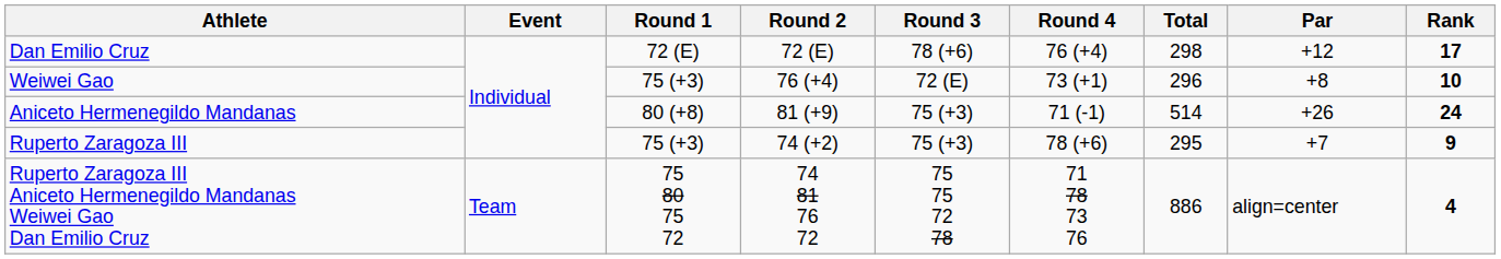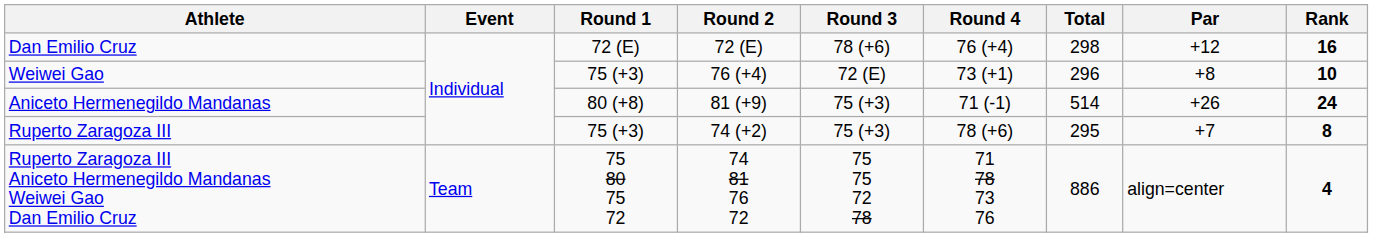 <table class="wikitable" width="70%" style="text-align:left; font-size:90%">
 <tr>
 <th>Athlete</th>
 <th>Event</th>
 <th>Round 1</th>
 <th>Round 2</th>
 <th>Round 3</th>
 <th>Round 4</th>
 <th>Total</th>
 <th>Par</th>
 <th>Rank</th>
 </tr>
 <tr>
 <td><a href='#'>Dan Emilio Cruz</a></td>
 <td rowspan=4><a href='#'>Individual</a></td>
 <td align=center>72 (E)</td>
 <td align=center>72 (E)</td>
 <td align=center>78 (+6)</td>
 <td align=center>76 (+4)</td>
 <td align=center>298</td>
 <td align=center>+12</td>
-<td align=center><strong>17</strong></td>
+<td align=center><strong>16</strong></td>
 </tr>
 <tr>
 <td><a href='#'>Weiwei Gao</a></td>
 <td align=center>75 (+3)</td>
 <td align=center>76 (+4)</td>
 <td align=center>72 (E)</td>
 <td align=center>73 (+1)</td>
 <td align=center>296</td>
 <td align=center>+8</td>
 <td align=center><strong>10</strong></td>
 </tr>
 <tr>
 <td><a href='#'>Aniceto Hermenegildo Mandanas</a></td>
 <td align=center>80 (+8)</td>
 <td align=center>81 (+9)</td>
 <td align=center>75 (+3)</td>
 <td align=center>71 (-1)</td>
 <td align=center>514</td>
 <td align=center>+26</td>
 <td align=center><strong>24</strong></td>
 </tr>
 <tr>
 <td><a href='#'>Ruperto Zaragoza III</a></td>
 <td align=center>75 (+3)</td>
 <td align=center>74 (+2)</td>
 <td align=center>75 (+3)</td>
 <td align=center>78 (+6)</td>
 <td align=center>295</td>
 <td align=center>+7</td>
-<td align=center><strong>9</strong></td>
+<td align=center><strong>8</strong></td>
 </tr>
 <tr>
 <td><a href='#'>Ruperto Zaragoza III</a><br><a href='#'>Aniceto Hermenegildo Mandanas</a><br><a href='#'>Weiwei Gao</a><br><a href='#'>Dan Emilio Cruz</a></td>
 <td><a href='#'>Team</a></td>
 <td align=center>75 <br> <s>80</s> <br> 75 <br> 72</td>
 <td align=center>74 <br> <s>81</s> <br> 76 <br> 72</td>
 <td align=center>75 <br> 75 <br> 72 <br> <s>78</s></td>
 <td align=center>71 <br> <s>78</s> <br> 73 <br> 76</td>
 <td align=center>886</td>
 <td>align=center </td>
 <td align=center><strong>4</strong></td>
 </tr>
 </table>
